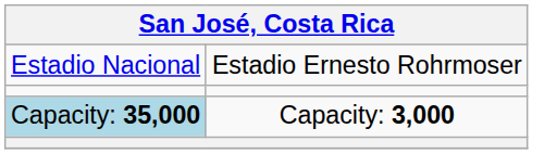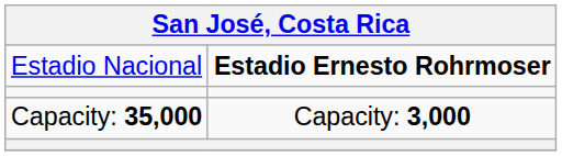 <table class="wikitable">
 <tr>
 <th colspan=2><a href='#'>San José, Costa Rica</a></th>
 </tr>
 <tr>
 <td align=center><a href='#'>Estadio Nacional</a></td>
-<td align=center>Estadio Ernesto Rohrmoser</td>
+<td align=center><strong>Estadio Ernesto Rohrmoser</strong></td>
 </tr>
 <tr>
 <td align=center></td>
 <td align=center></td>
 </tr>
 <tr>
-<td align=center style="background: lightblue;">Capacity: <strong>35,000</strong></td>
+<td align=center>Capacity: <strong>35,000</strong></td>
 <td align=center>Capacity: <strong>3,000</strong></td>
 </tr>
 <tr>
 <th colspan=6 text-align="center"></th>
 </tr>
 <tr>
 </tr>
 </table>
